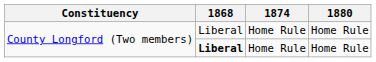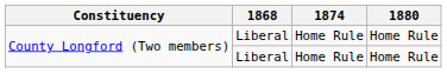 <table class="wikitable">
 <tr>
 <th>Constituency</th>
 <th>1868</th>
 <th>1874</th>
 <th>1880</th>
 </tr>
 <tr>
 <td rowspan="2"><a href='#'>County Longford</a> (Two members)</td>
 <td>Liberal</td>
 <td>Home Rule</td>
 <td>Home Rule</td>
 </tr>
 <tr>
-<td><strong>Liberal</strong></td>
+<td>Liberal</td>
 <td>Home Rule</td>
 <td>Home Rule</td>
 </tr>
 </table>
